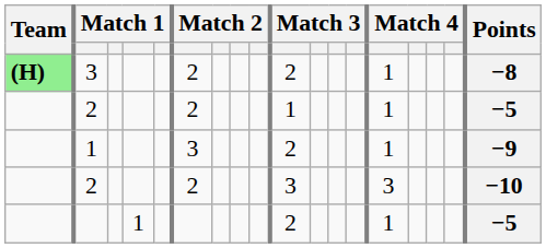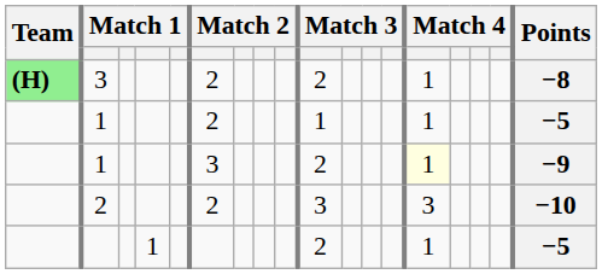 <table class="wikitable sortable" style="text-align:center;">
 <tr>
 <th rowspan=2>Team</th>
 <th colspan=4 style="border-left:3px solid gray">Match 1</th>
 <th colspan=4 style="border-left:3px solid gray">Match 2</th>
 <th colspan=4 style="border-left:3px solid gray">Match 3</th>
 <th colspan=4 style="border-left:3px solid gray">Match 4</th>
 <th rowspan=2 style="border-left:3px solid gray">Points</th>
 </tr>
 <tr>
 <th style="border-left:3px solid gray"></th>
 <th></th>
 <th></th>
 <th></th>
 <th style="border-left:3px solid gray"></th>
 <th></th>
 <th></th>
 <th></th>
 <th style="border-left:3px solid gray"></th>
 <th></th>
 <th></th>
 <th></th>
 <th style="border-left:3px solid gray"></th>
 <th></th>
 <th></th>
 <th></th>
 </tr>
 <tr>
 <td align=left style="background: lightgreen;"> <strong>(H)</strong></td>
 <td style="border-left:3px solid gray">3</td>
 <td></td>
 <td></td>
 <td></td>
 <td style="border-left:3px solid gray">2</td>
 <td></td>
 <td></td>
 <td></td>
 <td style="border-left:3px solid gray">2</td>
 <td></td>
 <td></td>
 <td></td>
 <td style="border-left:3px solid gray">1</td>
 <td></td>
 <td></td>
 <td></td>
 <th style="border-left:3px solid gray">−8</th>
 </tr>
 <tr>
 <td align=left></td>
-<td style="border-left:3px solid gray">2</td>
+<td style="border-left:3px solid gray">1</td>
 <td></td>
 <td></td>
 <td></td>
 <td style="border-left:3px solid gray">2</td>
 <td></td>
 <td></td>
 <td></td>
 <td style="border-left:3px solid gray">1</td>
 <td></td>
 <td></td>
 <td></td>
 <td style="border-left:3px solid gray">1</td>
 <td></td>
 <td></td>
 <td></td>
 <th style="border-left:3px solid gray">−5</th>
 </tr>
 <tr>
 <td align=left></td>
 <td style="border-left:3px solid gray">1</td>
 <td></td>
 <td></td>
 <td></td>
 <td style="border-left:3px solid gray">3</td>
 <td></td>
 <td></td>
 <td></td>
 <td style="border-left:3px solid gray">2</td>
 <td></td>
 <td></td>
 <td></td>
-<td style="border-left:3px solid gray">1</td>
+<td style="background: lightyellow; border-left:3px solid gray">1</td>
 <td></td>
 <td></td>
 <td></td>
 <th style="border-left:3px solid gray">−9</th>
 </tr>
 <tr>
 <td align=left></td>
 <td style="border-left:3px solid gray">2</td>
 <td></td>
 <td></td>
 <td></td>
 <td style="border-left:3px solid gray">2</td>
 <td></td>
 <td></td>
 <td></td>
 <td style="border-left:3px solid gray">3</td>
 <td></td>
 <td></td>
 <td></td>
 <td style="border-left:3px solid gray">3</td>
 <td></td>
 <td></td>
 <td></td>
 <th style="border-left:3px solid gray">−10</th>
 </tr>
 <tr>
 <td align=left></td>
 <td style="border-left:3px solid gray"></td>
 <td></td>
 <td>1</td>
 <td></td>
 <td style="border-left:3px solid gray"></td>
 <td></td>
 <td></td>
 <td></td>
 <td style="border-left:3px solid gray">2</td>
 <td></td>
 <td></td>
 <td></td>
 <td style="border-left:3px solid gray">1</td>
 <td></td>
 <td></td>
 <td></td>
 <th style="border-left:3px solid gray">−5</th>
 </tr>
 </table>
